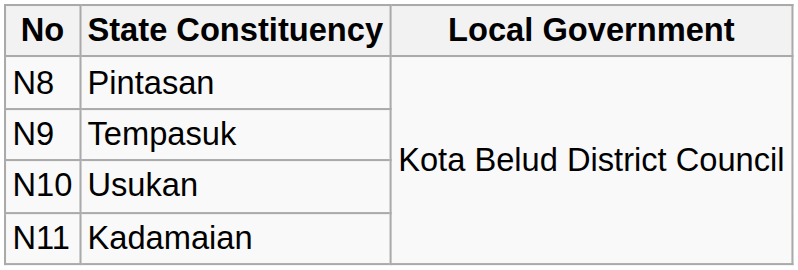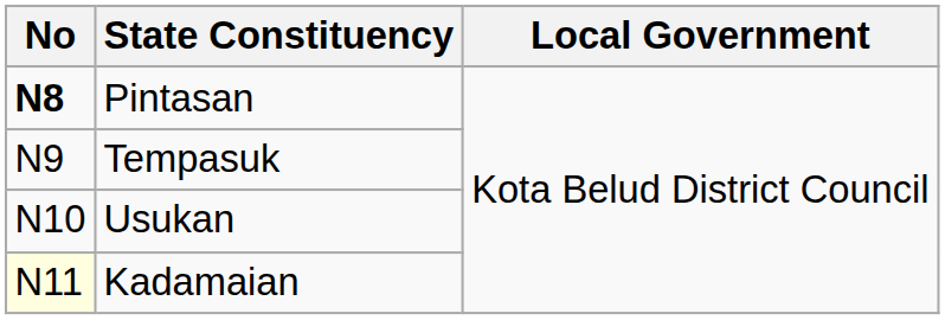 <table class="wikitable">
 <tr>
 <th>No</th>
 <th>State Constituency</th>
 <th>Local Government</th>
 </tr>
 <tr>
-<td>N8</td>
+<td><strong>N8</strong></td>
 <td>Pintasan</td>
 <td rowspan="4">Kota Belud District Council</td>
 </tr>
 <tr>
 <td>N9</td>
 <td>Tempasuk</td>
 </tr>
 <tr>
 <td>N10</td>
 <td>Usukan</td>
 </tr>
 <tr>
-<td>N11</td>
+<td style="background: lightyellow;">N11</td>
 <td>Kadamaian</td>
 </tr>
 </table>
